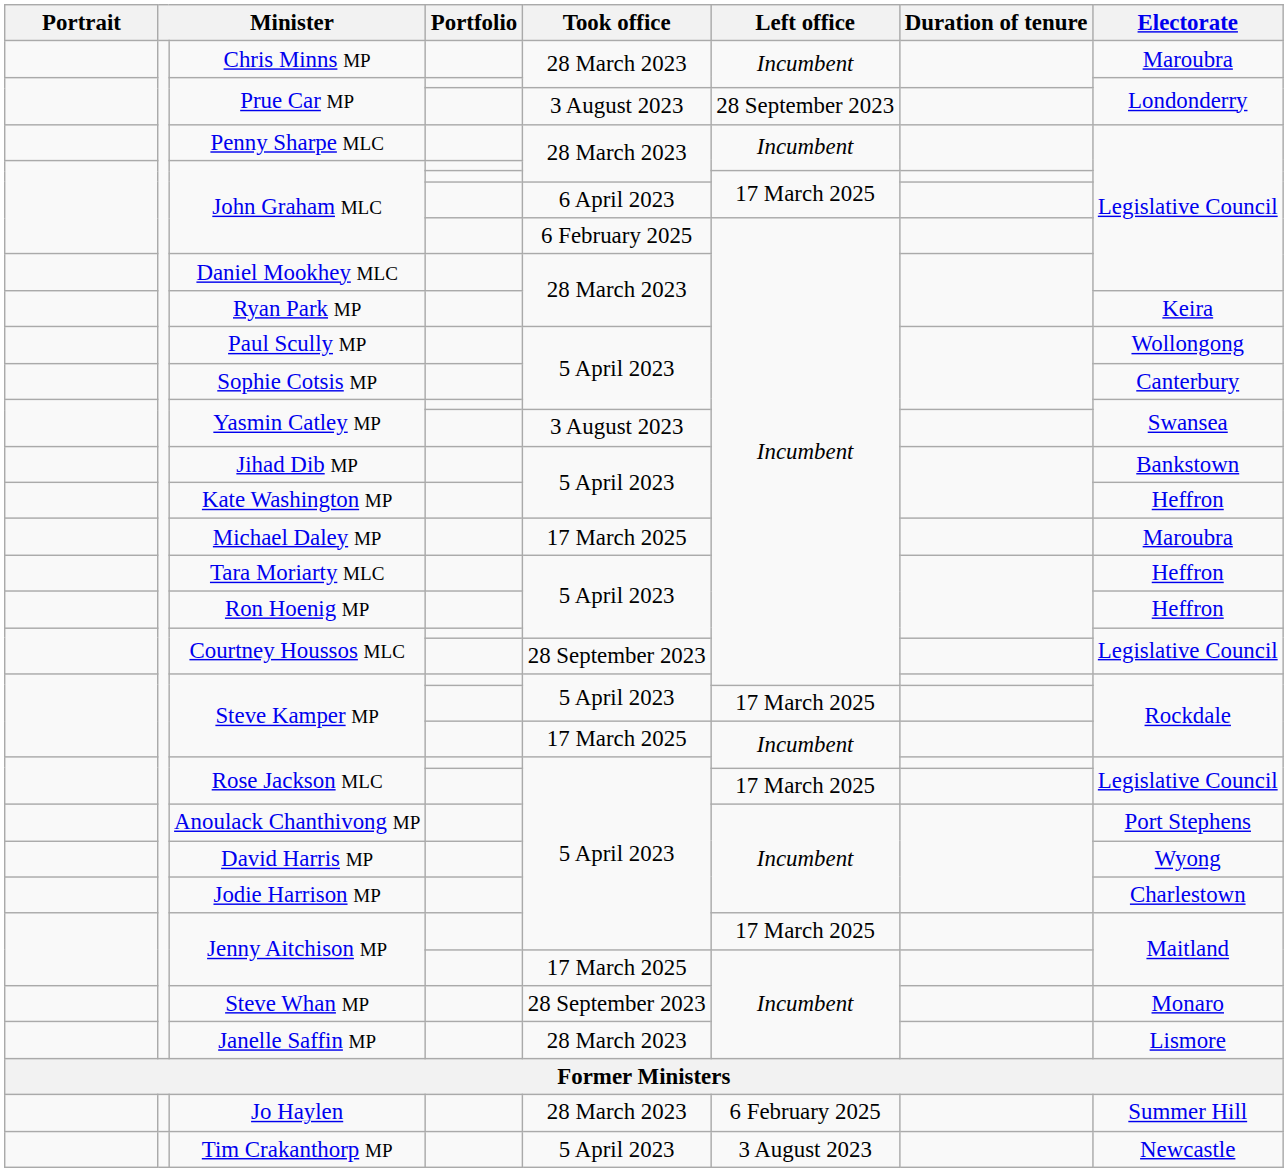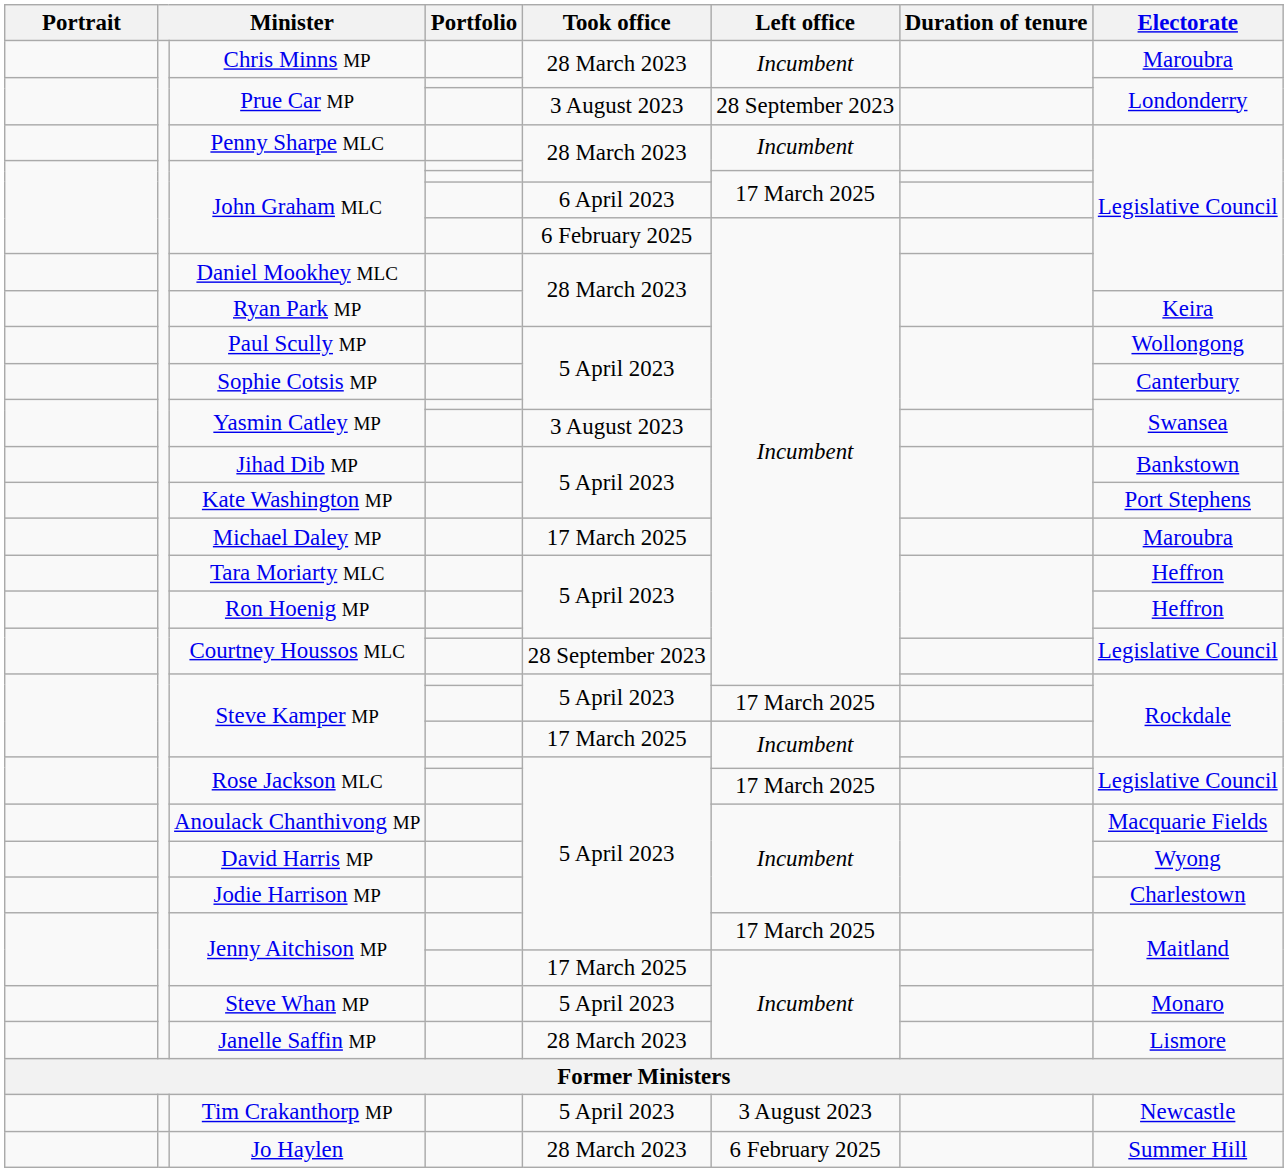 <table class="wikitable sortable" style="border:#555; text-align:center; ">
 <tr>
 <th class="unsortable" style="width:100px;">Portrait</th>
 <th colspan="2" class="unsortable" style="width:5px;">Minister</th>
 <th>Portfolio</th>
 <th>Took office</th>
 <th>Left office</th>
 <th>Duration of tenure</th>
 <th><a href='#'>Electorate</a></th>
 </tr>
 <tr>
 <td></td>
 <td rowspan="33" style="background-color: "></td>
 <td><a href='#'>Chris Minns</a> <small>MP</small></td>
 <td></td>
 <td rowspan=2>28 March 2023</td>
 <td rowspan=2><em>Incumbent</em></td>
 <td rowspan=2></td>
 <td><a href='#'>Maroubra</a></td>
 </tr>
 <tr>
 <td rowspan="2"></td>
 <td rowspan="2"><a href='#'>Prue Car</a> <small>MP</small></td>
 <td></td>
 <td rowspan="2"><a href='#'>Londonderry</a></td>
 </tr>
 <tr>
 <td></td>
 <td>3 August 2023</td>
 <td>28 September 2023</td>
 <td></td>
 </tr>
 <tr>
 <td></td>
 <td><a href='#'>Penny Sharpe</a> <small>MLC</small></td>
 <td></td>
 <td rowspan="3">28 March 2023</td>
 <td rowspan=2><em>Incumbent</em></td>
 <td rowspan="2"></td>
 <td rowspan=6><a href='#'>Legislative Council</a></td>
 </tr>
 <tr>
 <td rowspan=4></td>
 <td rowspan=4><a href='#'>John Graham</a> <small>MLC</small></td>
 <td></td>
 </tr>
 <tr>
 <td></td>
 <td rowspan=2>17 March 2025</td>
 <td></td>
 </tr>
 <tr>
 <td></td>
 <td>6 April 2023</td>
 <td></td>
 </tr>
 <tr>
 <td></td>
 <td>6 February 2025</td>
 <td rowspan=15><em>Incumbent</em></td>
 <td></td>
 </tr>
 <tr>
 <td></td>
 <td><a href='#'>Daniel Mookhey</a> <small>MLC</small></td>
 <td></td>
 <td rowspan="2">28 March 2023</td>
 <td rowspan=2></td>
 </tr>
 <tr>
 <td></td>
 <td><a href='#'>Ryan Park</a> <small>MP</small></td>
 <td></td>
 <td><a href='#'>Keira</a></td>
 </tr>
 <tr>
 <td></td>
 <td><a href='#'>Paul Scully</a> <small>MP</small></td>
 <td></td>
 <td rowspan="3">5 April 2023</td>
 <td rowspan="3"></td>
 <td><a href='#'>Wollongong</a></td>
 </tr>
 <tr>
 <td></td>
 <td><a href='#'>Sophie Cotsis</a> <small>MP</small></td>
 <td></td>
 <td><a href='#'>Canterbury</a></td>
 </tr>
 <tr>
 <td rowspan="2"></td>
 <td rowspan="2"><a href='#'>Yasmin Catley</a> <small>MP</small></td>
 <td></td>
 <td rowspan="2"><a href='#'>Swansea</a></td>
 </tr>
 <tr>
 <td></td>
 <td>3 August 2023</td>
 <td></td>
 </tr>
 <tr>
 <td></td>
 <td><a href='#'>Jihad Dib</a> <small>MP</small></td>
 <td></td>
 <td rowspan="2">5 April 2023</td>
 <td rowspan="2"></td>
 <td><a href='#'>Bankstown</a></td>
 </tr>
 <tr>
 <td></td>
 <td><a href='#'>Kate Washington</a> <small>MP</small></td>
 <td></td>
-<td><a href='#'>Heffron</a></td>
+<td><a href='#'>Port Stephens</a></td>
 </tr>
 <tr>
 <td></td>
 <td><a href='#'>Michael Daley</a> <small>MP</small></td>
 <td></td>
 <td>17 March 2025</td>
 <td></td>
 <td><a href='#'>Maroubra</a></td>
 </tr>
 <tr>
 <td></td>
 <td><a href='#'>Tara Moriarty</a> <small>MLC</small></td>
 <td></td>
 <td rowspan="3">5 April 2023</td>
 <td rowspan="3"></td>
 <td><a href='#'>Heffron</a></td>
 </tr>
 <tr>
 <td></td>
 <td><a href='#'>Ron Hoenig</a> <small>MP</small></td>
 <td></td>
 <td><a href='#'>Heffron</a></td>
 </tr>
 <tr>
 <td rowspan="2"></td>
 <td rowspan="2"><a href='#'>Courtney Houssos</a> <small>MLC</small></td>
 <td></td>
 <td rowspan="2"><a href='#'>Legislative Council</a></td>
 </tr>
 <tr>
 <td></td>
 <td>28 September 2023</td>
 <td></td>
 </tr>
 <tr>
 <td rowspan=3></td>
 <td rowspan=3><a href='#'>Steve Kamper</a> <small>MP</small></td>
 <td></td>
 <td rowspan=2>5 April 2023</td>
 <td></td>
 <td rowspan=3><a href='#'>Rockdale</a></td>
 </tr>
 <tr>
 <td></td>
 <td>17 March 2025</td>
 <td></td>
 </tr>
 <tr>
 <td></td>
 <td>17 March 2025</td>
 <td rowspan=2><em>Incumbent</em></td>
 <td></td>
 </tr>
 <tr>
 <td rowspan=2></td>
 <td rowspan=2><a href='#'>Rose Jackson</a> <small>MLC</small></td>
 <td></td>
 <td rowspan="6">5 April 2023</td>
 <td></td>
 <td rowspan=2><a href='#'>Legislative Council</a></td>
 </tr>
 <tr>
 <td></td>
 <td>17 March 2025</td>
 <td></td>
 </tr>
 <tr>
 <td></td>
 <td><a href='#'>Anoulack Chanthivong</a> <small>MP</small></td>
 <td></td>
 <td rowspan=3><em>Incumbent</em></td>
 <td rowspan="3"></td>
-<td><a href='#'>Port Stephens</a></td>
+<td><a href='#'>Macquarie Fields</a></td>
 </tr>
 <tr>
 <td></td>
 <td><a href='#'>David Harris</a> <small>MP</small></td>
 <td></td>
 <td><a href='#'>Wyong</a></td>
 </tr>
 <tr>
 <td></td>
 <td><a href='#'>Jodie Harrison</a> <small>MP</small></td>
 <td></td>
 <td><a href='#'>Charlestown</a></td>
 </tr>
 <tr>
 <td rowspan=2></td>
 <td rowspan=2><a href='#'>Jenny Aitchison</a> <small>MP</small></td>
 <td></td>
 <td>17 March 2025</td>
 <td></td>
 <td rowspan=2><a href='#'>Maitland</a></td>
 </tr>
 <tr>
 <td></td>
 <td>17 March 2025</td>
 <td rowspan=3><em>Incumbent</em></td>
 <td></td>
 </tr>
 <tr>
 <td></td>
 <td><a href='#'>Steve Whan</a> <small>MP</small></td>
 <td></td>
-<td>28 September 2023</td>
+<td>5 April 2023</td>
 <td></td>
 <td><a href='#'>Monaro</a></td>
 </tr>
 <tr>
 <td></td>
 <td><a href='#'>Janelle Saffin</a> <small>MP</small></td>
 <td></td>
 <td>28 March 2023</td>
 <td></td>
 <td><a href='#'>Lismore</a></td>
 </tr>
 <tr>
 <th colspan="8">Former Ministers</th>
 </tr>
 <tr>
 <td></td>
 <td style="background-color: "></td>
+<td><a href='#'>Tim Crakanthorp</a> <small>MP</small></td>
+<td></td>
+<td>5 April 2023</td>
+<td>3 August 2023</td>
+<td></td>
+<td><a href='#'>Newcastle</a></td>
+</tr>
+<tr>
+<td></td>
+<td style="background-color: "></td>
 <td><a href='#'>Jo Haylen</a></td>
 <td></td>
 <td>28 March 2023</td>
 <td>6 February 2025</td>
 <td></td>
 <td><a href='#'>Summer Hill</a></td>
 </tr>
-<tr>
-<td></td>
-<td style="background-color: "></td>
-<td><a href='#'>Tim Crakanthorp</a> <small>MP</small></td>
-<td></td>
-<td>5 April 2023</td>
-<td>3 August 2023</td>
-<td></td>
-<td><a href='#'>Newcastle</a></td>
-</tr>
 </table>
